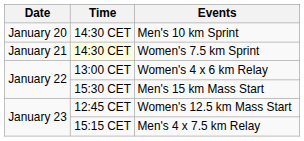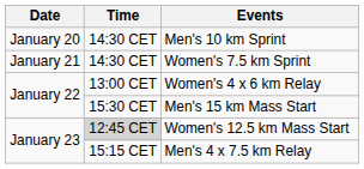 <table class="wikitable" style="text-align: center" width="400">
 <tr>
 <th>Date</th>
 <th>Time</th>
 <th>Events</th>
 </tr>
 <tr>
 <td>January 20</td>
 <td>14:30 CET</td>
 <td style="text-align: left">Men's 10 km Sprint</td>
 </tr>
 <tr>
 <td>January 21</td>
-<td style="background: lightyellow;">14:30 CET</td>
+<td>14:30 CET</td>
 <td style="text-align: left">Women's 7.5 km Sprint</td>
 </tr>
 <tr>
 <td rowspan="2">January 22</td>
 <td>13:00 CET</td>
 <td style="text-align: left">Women's 4 x 6 km Relay</td>
 </tr>
 <tr>
 <td>15:30 CET</td>
 <td style="text-align: left">Men's 15 km Mass Start</td>
 </tr>
 <tr>
 <td rowspan="2">January 23</td>
-<td>12:45 CET</td>
+<td style="background: lightgrey;">12:45 CET</td>
 <td style="text-align: left">Women's 12.5 km Mass Start</td>
 </tr>
 <tr>
 <td>15:15 CET</td>
 <td style="text-align: left">Men's 4 x 7.5 km Relay</td>
 </tr>
 </table>
